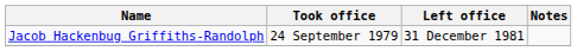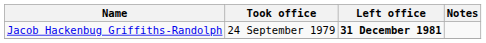 <table class="wikitable">
 <tr>
 <th>Name</th>
 <th>Took office</th>
 <th>Left office</th>
 <th>Notes</th>
 </tr>
 <tr>
 <td><a href='#'>Jacob Hackenbug Griffiths-Randolph</a></td>
 <td>24 September 1979</td>
-<td>31 December 1981</td>
+<td><strong>31 December 1981</strong></td>
 <td></td>
 </tr>
 <tr>
 </tr>
 </table>
